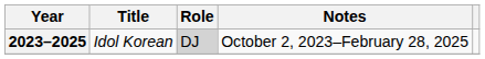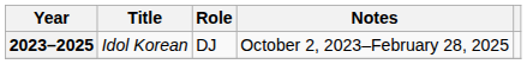 <table class="wikitable sortable plainrowheaders">
 <tr>
 <th scope="col">Year</th>
 <th scope="col">Title</th>
 <th scope="col">Role</th>
 <th scope="col" class="unsortable">Notes</th>
 <th scope="col" class="unsortable"></th>
 </tr>
 <tr>
 <th scope="row">2023–2025</th>
 <td><em>Idol Korean</em></td>
-<td style="background: lightgrey;">DJ</td>
+<td>DJ</td>
 <td>October 2, 2023–February 28, 2025</td>
 <td style="text-align:center"></td>
 </tr>
 <tr>
 </tr>
 </table>
